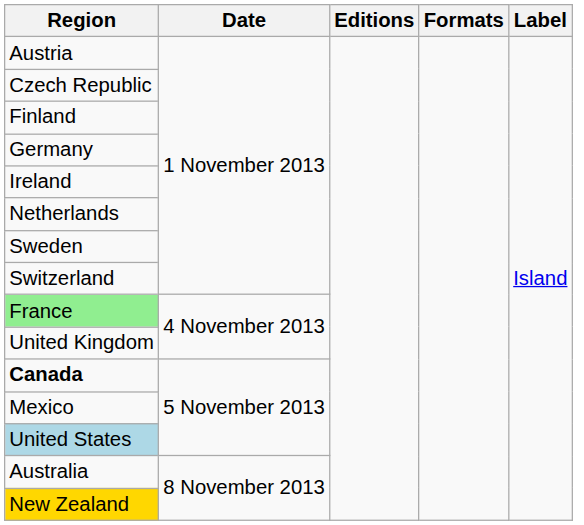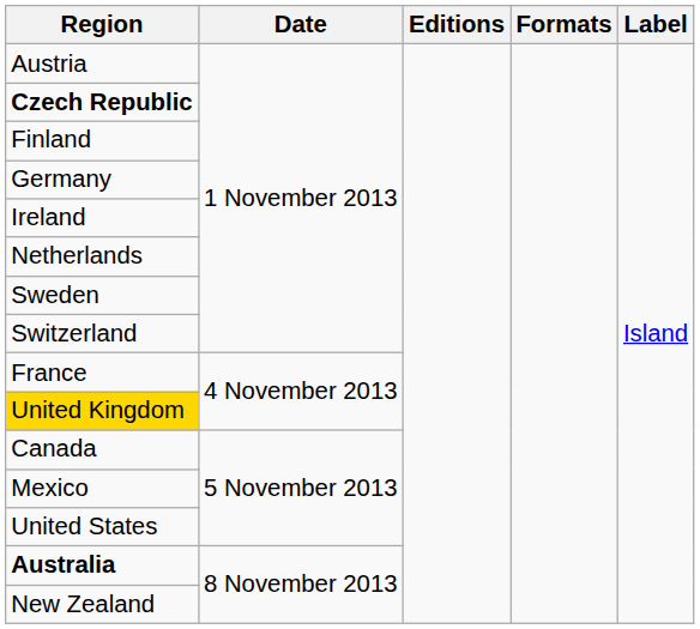 <table class="wikitable">
 <tr>
 <th>Region</th>
 <th>Date</th>
 <th>Editions</th>
 <th>Formats</th>
 <th>Label</th>
 </tr>
 <tr>
 <td>Austria</td>
 <td rowspan="8">1 November 2013</td>
 <td rowspan="15"></td>
 <td rowspan="15"></td>
 <td rowspan="15"><a href='#'>Island</a></td>
 </tr>
 <tr>
-<td>Czech Republic</td>
+<td><strong>Czech Republic</strong></td>
 </tr>
 <tr>
 <td>Finland</td>
 </tr>
 <tr>
 <td>Germany</td>
 </tr>
 <tr>
 <td>Ireland</td>
 </tr>
 <tr>
 <td>Netherlands</td>
 </tr>
 <tr>
 <td>Sweden</td>
 </tr>
 <tr>
 <td>Switzerland</td>
 </tr>
 <tr>
-<td style="background: lightgreen;">France</td>
+<td>France</td>
 <td rowspan="2">4 November 2013</td>
 </tr>
 <tr>
-<td>United Kingdom</td>
+<td style="background: gold;">United Kingdom</td>
 </tr>
 <tr>
-<td><strong>Canada</strong></td>
+<td>Canada</td>
 <td rowspan="3">5 November 2013</td>
 </tr>
 <tr>
 <td>Mexico</td>
 </tr>
 <tr>
-<td style="background: lightblue;">United States</td>
+<td>United States</td>
 </tr>
 <tr>
-<td>Australia</td>
+<td><strong>Australia</strong></td>
 <td rowspan="2">8 November 2013</td>
 </tr>
 <tr>
-<td style="background: gold;">New Zealand</td>
+<td>New Zealand</td>
 </tr>
 </table>
